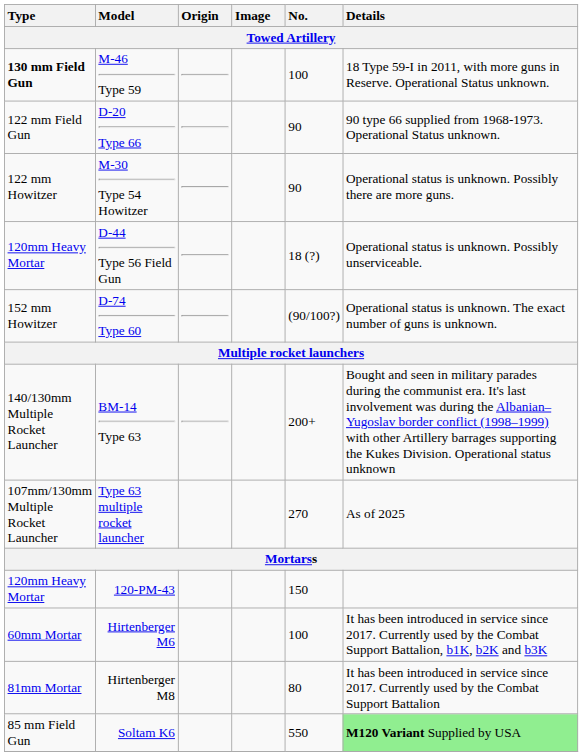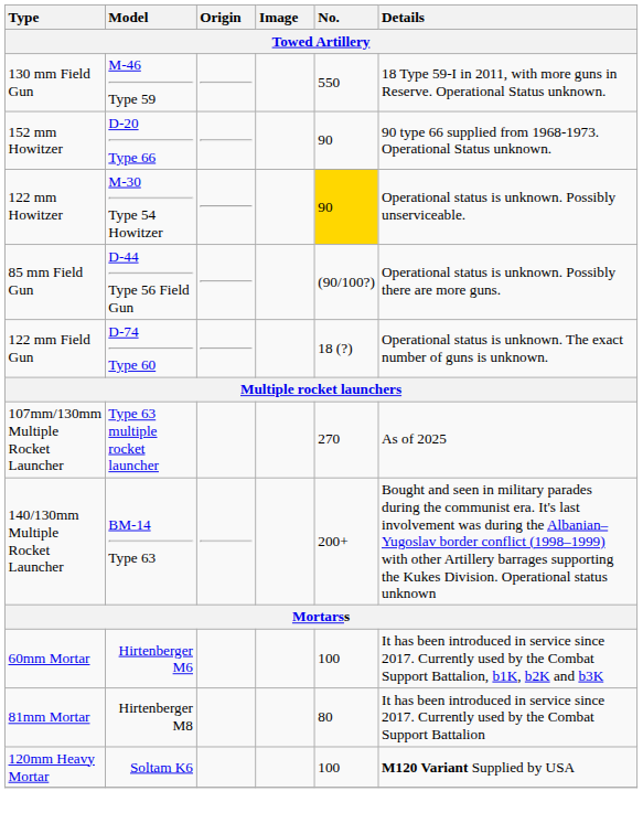 <table class="wikitable" style="margin:auto; font-size:90%; width:100%;">
 <tr>
 <th style="text-align:left; width:10%;">Type</th>
 <th style="text-align:left; width:15%;">Model</th>
 <th style="text-align:left; width:10%;">Origin</th>
 <th style="text-align:left; width:10%;">Image</th>
 <th style="text-align:left; width:5%">No.</th>
 <th style="text-align:left; width:50%">Details</th>
 </tr>
 <tr>
 <th colspan="6"><a href='#'>Towed Artillery</a></th>
 </tr>
 <tr>
-<td><strong>130 mm Field Gun</strong></td>
+<td>130 mm Field Gun</td>
 <td><a href='#'>M-46</a> <hr> Type 59</td>
 <td> <hr> </td>
 <td></td>
-<td>100</td>
+<td>550</td>
 <td>18 Type 59-I in 2011, with more guns in Reserve. Operational Status unknown.</td>
 </tr>
 <tr>
-<td>122 mm Field Gun</td>
+<td>152 mm Howitzer</td>
 <td><a href='#'>D-20</a> <hr> <a href='#'>Type 66</a></td>
 <td> <hr> </td>
 <td></td>
 <td>90</td>
 <td>90 type 66 supplied from 1968-1973. Operational Status unknown.</td>
 </tr>
 <tr>
 <td>122 mm Howitzer</td>
 <td><a href='#'>M-30</a> <hr> Type 54 Howitzer</td>
 <td> <hr> </td>
 <td></td>
-<td>90</td>
+<td style="background: gold;">90</td>
+<td>Operational status is unknown. Possibly unserviceable.</td>
+</tr>
+<tr>
+<td>85 mm Field Gun</td>
+<td><a href='#'>D-44</a> <hr> Type 56 Field Gun</td>
+<td> <hr> </td>
+<td></td>
+<td>(90/100?)</td>
 <td>Operational status is unknown. Possibly there are more guns.</td>
 </tr>
 <tr>
-<td><a href='#'>120mm Heavy Mortar</a></td>
-<td><a href='#'>D-44</a> <hr> Type 56 Field Gun</td>
+<td>122 mm Field Gun</td>
+<td><a href='#'>D-74</a> <hr> <a href='#'>Type 60</a></td>
 <td> <hr> </td>
 <td></td>
 <td>18 (?)</td>
-<td>Operational status is unknown. Possibly unserviceable.</td>
-</tr>
-<tr>
-<td>152 mm Howitzer</td>
-<td><a href='#'>D-74</a> <hr> <a href='#'>Type 60</a></td>
-<td> <hr> </td>
-<td></td>
-<td>(90/100?)</td>
 <td>Operational status is unknown. The exact number of guns is unknown.</td>
 </tr>
 <tr>
 <th colspan="6"><a href='#'>Multiple rocket launchers</a></th>
+</tr>
+<tr>
+<td>107mm/130mm Multiple Rocket Launcher</td>
+<td><a href='#'>Type 63 multiple rocket launcher</a></td>
+<td></td>
+<td></td>
+<td>270</td>
+<td>As of 2025</td>
 </tr>
 <tr>
 <td>140/130mm Multiple Rocket Launcher</td>
 <td><a href='#'>BM-14</a> <hr> Type 63</td>
 <td> <hr> </td>
 <td> </td>
 <td>200+</td>
 <td>Bought and seen in military parades during the communist era. It's last involvement was during the <a href='#'>Albanian–Yugoslav border conflict (1998–1999)</a>   with other Artillery barrages supporting the Kukes Division. Operational status unknown</td>
 </tr>
 <tr>
-<td>107mm/130mm Multiple Rocket Launcher</td>
-<td><a href='#'>Type 63 multiple rocket launcher</a></td>
-<td></td>
-<td></td>
-<td>270</td>
-<td>As of 2025</td>
-</tr>
-<tr>
 <th style="align: center;" colspan="6"><a href='#'>Mortars</a>s</th>
-</tr>
-<tr>
-<td><a href='#'>120mm Heavy Mortar</a></td>
-<td align="right"><a href='#'>120-PM-43</a></td>
-<td></td>
-<td></td>
-<td>150</td>
-<td></td>
 </tr>
 <tr>
 <td><a href='#'>60mm Mortar</a></td>
 <td align=right><a href='#'>Hirtenberger M6</a></td>
 <td></td>
 <td></td>
 <td>100</td>
 <td>It has been introduced in service since 2017. Currently used by the Combat Support Battalion, <a href='#'>b1K</a>, <a href='#'>b2K</a> and <a href='#'>b3K</a></td>
 </tr>
 <tr>
 <td><a href='#'>81mm Mortar</a></td>
 <td align=right>Hirtenberger M8</td>
 <td></td>
 <td></td>
 <td>80</td>
 <td>It has been introduced in service since 2017. Currently used by the Combat Support Battalion</td>
 </tr>
 <tr>
-<td>85 mm Field Gun</td>
+<td><a href='#'>120mm Heavy Mortar</a></td>
 <td align="right"><a href='#'>Soltam K6</a></td>
 <td> <br> </td>
 <td></td>
-<td>550</td>
-<td style="background: lightgreen;"><strong>M120 Variant</strong> Supplied by USA</td>
+<td>100</td>
+<td><strong>M120 Variant</strong> Supplied by USA</td>
 </tr>
 <tr>
 </tr>
 </table>
